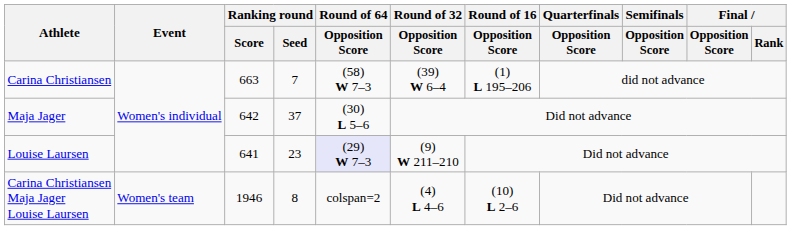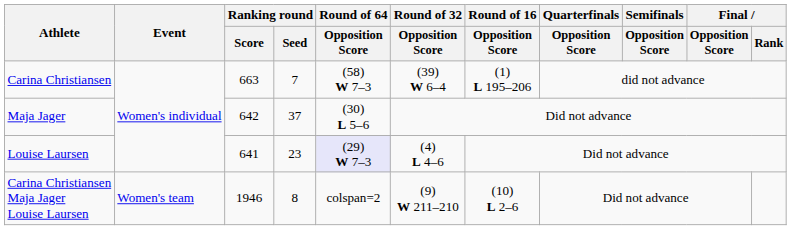 <table class=wikitable style="font-size:90%">
 <tr>
 <th rowspan="2">Athlete</th>
 <th rowspan="2">Event</th>
 <th colspan="2">Ranking round</th>
 <th>Round of 64</th>
 <th>Round of 32</th>
 <th>Round of 16</th>
 <th>Quarterfinals</th>
 <th>Semifinals</th>
 <th colspan="2">Final / </th>
 </tr>
 <tr style="font-size:95%">
 <th>Score</th>
 <th>Seed</th>
 <th>Opposition<br>Score</th>
 <th>Opposition<br>Score</th>
 <th>Opposition<br>Score</th>
 <th>Opposition<br>Score</th>
 <th>Opposition<br>Score</th>
 <th>Opposition<br>Score</th>
 <th>Rank</th>
 </tr>
 <tr align=center>
 <td align=left><a href='#'>Carina Christiansen</a></td>
 <td align=left rowspan=3><a href='#'>Women's individual</a></td>
 <td>663</td>
 <td>7</td>
 <td> (58)<br><strong>W</strong> 7–3</td>
 <td> (39)<br><strong>W</strong> 6–4</td>
 <td> (1)<br><strong>L</strong> 195–206</td>
 <td colspan="4">did not advance</td>
 </tr>
 <tr align=center>
 <td align=left><a href='#'>Maja Jager</a></td>
 <td>642</td>
 <td>37</td>
 <td> (30)<br><strong>L</strong> 5–6</td>
 <td colspan=6>Did not advance</td>
 </tr>
 <tr align=center>
 <td align=left><a href='#'>Louise Laursen</a></td>
 <td>641</td>
 <td>23</td>
 <td style="background: lavender;"> (29)<br><strong>W</strong> 7–3</td>
-<td> (9)<br><strong>W</strong> 211–210</td>
+<td> (4)<br><strong>L</strong> 4–6</td>
 <td colspan=5>Did not advance</td>
 </tr>
 <tr align=center>
 <td align=left><a href='#'>Carina Christiansen</a><br><a href='#'>Maja Jager</a><br><a href='#'>Louise Laursen</a></td>
 <td align=left><a href='#'>Women's team</a></td>
 <td>1946</td>
 <td>8</td>
 <td>colspan=2 </td>
-<td> (4)<br><strong>L</strong> 4–6</td>
+<td> (9)<br><strong>W</strong> 211–210</td>
 <td> (10)<br><strong>L</strong> 2–6</td>
 <td colspan=3>Did not advance</td>
 </tr>
 </table>
